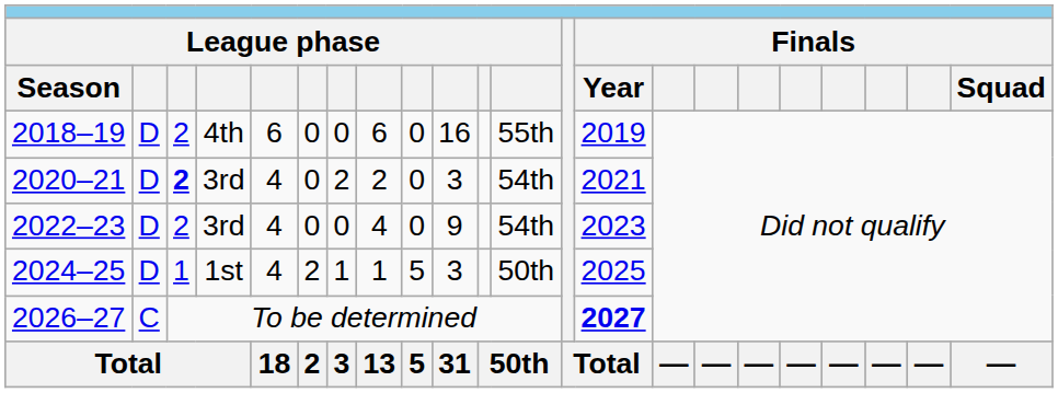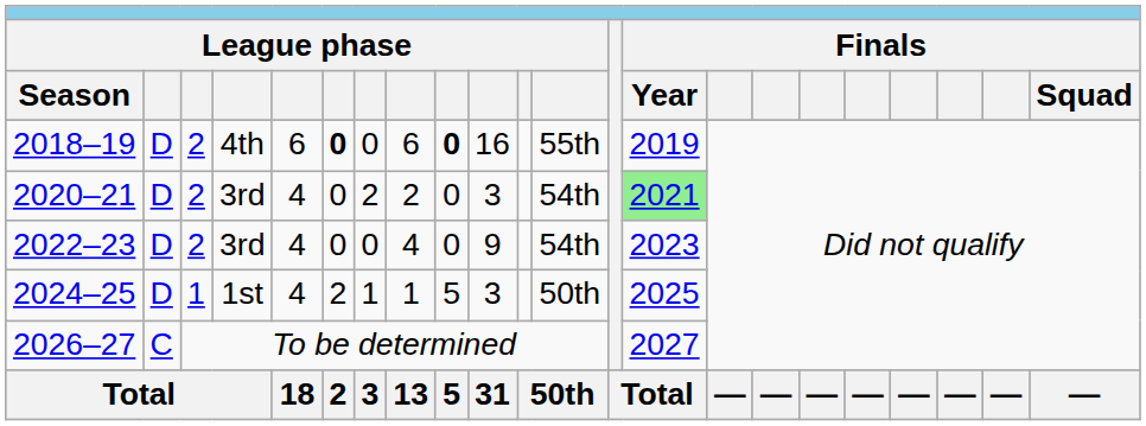 <table class="wikitable" style="text-align: center;">
 <tr>
 <th colspan=22 style=background:#87CEEB;color:black></th>
 </tr>
 <tr>
 <th colspan="12">League phase</th>
 <th rowspan="7"></th>
 <th colspan="9">Finals</th>
 </tr>
 <tr>
 <th>Season</th>
 <th></th>
 <th></th>
 <th></th>
 <th></th>
 <th></th>
 <th></th>
 <th></th>
 <th></th>
 <th></th>
 <th></th>
 <th></th>
 <th>Year</th>
 <th></th>
 <th></th>
 <th></th>
 <th></th>
 <th></th>
 <th></th>
 <th></th>
 <th>Squad</th>
 </tr>
 <tr>
 <td><a href='#'>2018–19</a></td>
 <td><a href='#'>D</a></td>
 <td><a href='#'>2</a></td>
 <td>4th</td>
 <td>6</td>
-<td>0</td>
+<td><strong>0</strong></td>
 <td>0</td>
 <td>6</td>
-<td>0</td>
+<td><strong>0</strong></td>
 <td>16</td>
 <td></td>
 <td>55th</td>
 <td> <a href='#'>2019</a></td>
 <td colspan="8" rowspan="5"><em>Did not qualify</em></td>
 </tr>
 <tr>
 <td><a href='#'>2020–21</a></td>
 <td><a href='#'>D</a></td>
-<td><strong><a href='#'>2</a></strong></td>
+<td><a href='#'>2</a></td>
 <td>3rd</td>
 <td>4</td>
 <td>0</td>
 <td>2</td>
 <td>2</td>
 <td>0</td>
 <td>3</td>
 <td></td>
 <td>54th</td>
-<td> <a href='#'>2021</a></td>
+<td style="background: lightgreen;"> <a href='#'>2021</a></td>
 </tr>
 <tr>
 <td><a href='#'>2022–23</a></td>
 <td><a href='#'>D</a></td>
 <td><a href='#'>2</a></td>
 <td>3rd</td>
 <td>4</td>
 <td>0</td>
 <td>0</td>
 <td>4</td>
 <td>0</td>
 <td>9</td>
 <td></td>
 <td>54th</td>
 <td> <a href='#'>2023</a></td>
 </tr>
 <tr>
 <td><a href='#'>2024–25</a></td>
 <td><a href='#'>D</a></td>
 <td><a href='#'>1</a></td>
 <td>1st</td>
 <td>4</td>
 <td>2</td>
 <td>1</td>
 <td>1</td>
 <td>5</td>
 <td>3</td>
 <td></td>
 <td>50th</td>
 <td> <a href='#'>2025</a></td>
 </tr>
 <tr>
 <td><a href='#'>2026–27</a></td>
 <td><a href='#'>C</a></td>
 <td colspan="10"><em>To be determined</em></td>
-<td><strong> <a href='#'>2027</a></strong></td>
+<td> <a href='#'>2027</a></td>
 </tr>
 <tr>
 <th colspan=4>Total</th>
 <th>18</th>
 <th>2</th>
 <th>3</th>
 <th>13</th>
 <th>5</th>
 <th>31</th>
 <th colspan=2>50th</th>
 <th colspan="2">Total</th>
 <th>—</th>
 <th>—</th>
 <th>—</th>
 <th>—</th>
 <th>—</th>
 <th>—</th>
 <th>—</th>
 <th>—</th>
 </tr>
 </table>
